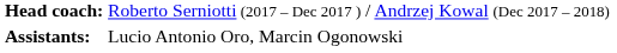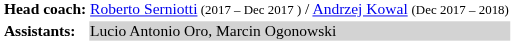 <table>
 <tr>
 <td><strong>Head coach:</strong></td>
 <td> <a href='#'>Roberto Serniotti</a><small> (2017 – Dec 2017 )</small> /  <a href='#'>Andrzej Kowal</a> <small>(Dec 2017 – 2018)</small></td>
 </tr>
 <tr>
 <td><strong>Assistants:</strong></td>
-<td> Lucio Antonio Oro,  Marcin Ogonowski</td>
+<td style="background: lightgrey;"> Lucio Antonio Oro,  Marcin Ogonowski</td>
 </tr>
 </table>
